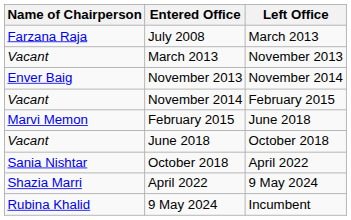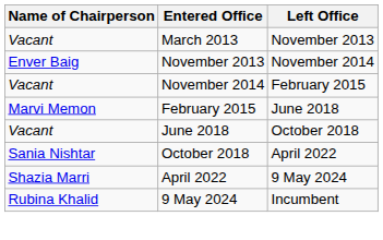 <table class="wikitable">
 <tr>
 <th align=center>Name of Chairperson</th>
 <th align=center>Entered Office</th>
 <th align=center>Left Office</th>
-</tr>
-<tr>
-<td><a href='#'>Farzana Raja</a></td>
-<td>July 2008</td>
-<td>March 2013</td>
 </tr>
 <tr>
 <td><em>Vacant</em></td>
 <td>March 2013</td>
 <td>November 2013</td>
 </tr>
 <tr>
 <td><a href='#'>Enver Baig</a></td>
 <td>November 2013</td>
 <td>November 2014</td>
 </tr>
 <tr>
 <td><em>Vacant</em></td>
 <td>November 2014</td>
 <td>February 2015</td>
 </tr>
 <tr>
 <td><a href='#'>Marvi Memon</a></td>
 <td>February 2015</td>
 <td>June 2018</td>
 </tr>
 <tr>
 <td><em>Vacant</em></td>
 <td>June 2018</td>
 <td>October 2018</td>
 </tr>
 <tr>
 <td><a href='#'>Sania Nishtar</a></td>
 <td>October 2018</td>
 <td>April 2022</td>
 </tr>
 <tr>
 <td><a href='#'>Shazia Marri</a></td>
 <td>April 2022</td>
 <td>9 May 2024</td>
 </tr>
 <tr>
 <td><a href='#'> Rubina Khalid</a></td>
 <td>9 May 2024</td>
 <td>Incumbent</td>
 </tr>
 </table>
